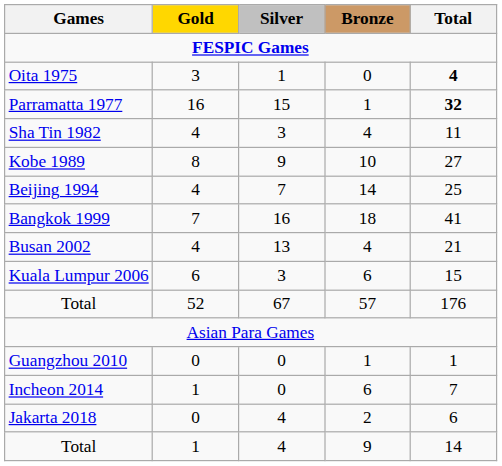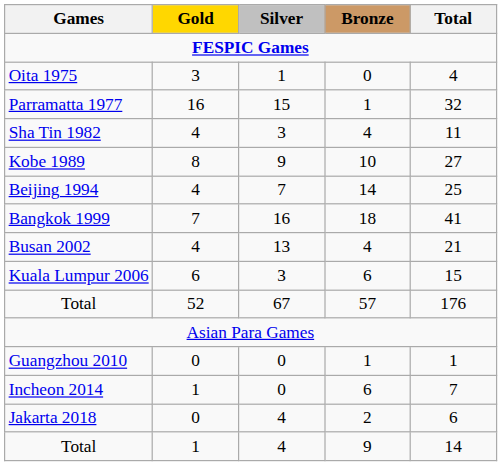 <table class="wikitable" style="text-align:center; font-size:90%;">
 <tr>
 <th>Games</th>
 <td style="background:gold; width:4.5em; font-weight:bold;">Gold</td>
 <td style="background:silver; width:4.5em; font-weight:bold;">Silver</td>
 <td style="background:#cc9966; width:4.5em; font-weight:bold;">Bronze</td>
 <th style="width:4.5em; font-weight:bold;">Total</th>
 </tr>
 <tr>
 <td colspan=5><strong><a href='#'>FESPIC Games</a></strong></td>
 </tr>
 <tr>
 <td align=left><a href='#'>Oita 1975</a></td>
 <td>3</td>
 <td>1</td>
 <td>0</td>
-<td><strong>4</strong></td>
+<td>4</td>
 </tr>
 <tr>
 <td align=left><a href='#'>Parramatta 1977</a></td>
 <td>16</td>
 <td>15</td>
 <td>1</td>
-<td><strong>32</strong></td>
+<td>32</td>
 </tr>
 <tr>
 <td align=left>  <a href='#'>Sha Tin 1982</a></td>
 <td>4</td>
 <td>3</td>
 <td>4</td>
 <td>11</td>
 </tr>
 <tr>
 <td align=left><a href='#'>Kobe 1989</a></td>
 <td>8</td>
 <td>9</td>
 <td>10</td>
 <td>27</td>
 </tr>
 <tr>
 <td align=left><a href='#'>Beijing 1994</a></td>
 <td>4</td>
 <td>7</td>
 <td>14</td>
 <td>25</td>
 </tr>
 <tr>
 <td align=left><a href='#'>Bangkok 1999</a></td>
 <td>7</td>
 <td>16</td>
 <td>18</td>
 <td>41</td>
 </tr>
 <tr>
 <td align=left><a href='#'>Busan 2002</a></td>
 <td>4</td>
 <td>13</td>
 <td>4</td>
 <td>21</td>
 </tr>
 <tr>
 <td align=left><a href='#'>Kuala Lumpur 2006</a></td>
 <td>6</td>
 <td>3</td>
 <td>6</td>
 <td>15</td>
 </tr>
 <tr>
 <td>Total</td>
 <td>52</td>
 <td>67</td>
 <td>57</td>
 <td>176</td>
 </tr>
 <tr>
 <td colspan=5><a href='#'>Asian Para Games</a></td>
 </tr>
 <tr>
 <td align=left> <a href='#'>Guangzhou 2010</a></td>
 <td>0</td>
 <td>0</td>
 <td>1</td>
 <td>1</td>
 </tr>
 <tr>
 <td align=left><a href='#'>Incheon 2014</a></td>
 <td>1</td>
 <td>0</td>
 <td>6</td>
 <td>7</td>
 </tr>
 <tr>
 <td align=left><a href='#'>Jakarta 2018</a></td>
 <td>0</td>
 <td>4</td>
 <td>2</td>
 <td>6</td>
 </tr>
 <tr>
 <td>Total</td>
 <td>1</td>
 <td>4</td>
 <td>9</td>
 <td>14</td>
 </tr>
 </table>
